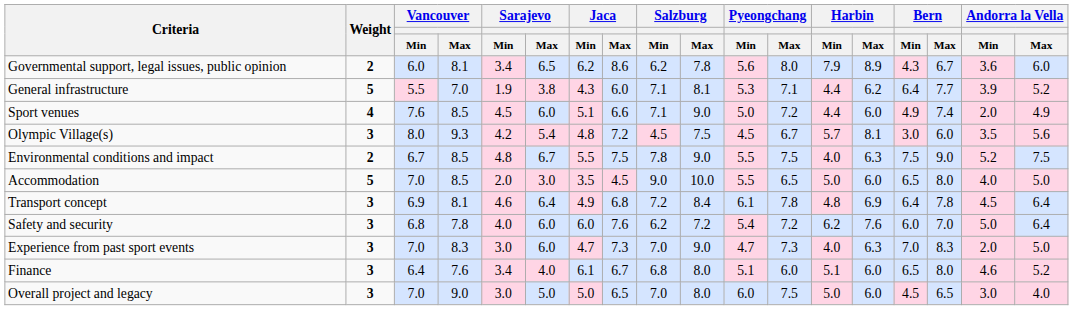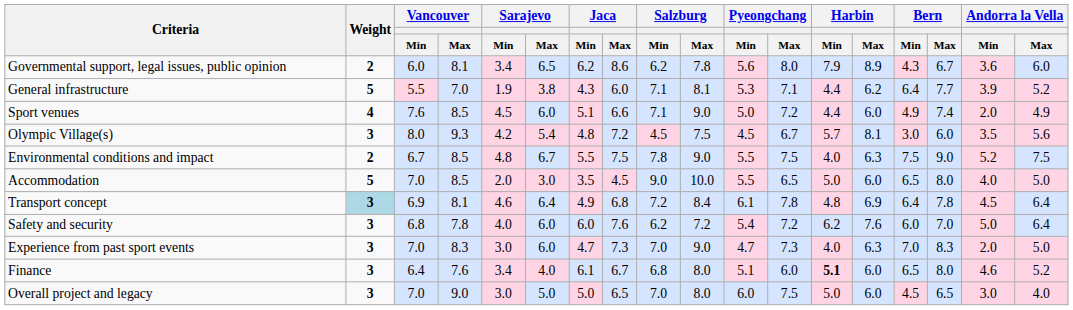 <table class="wikitable" style="margin:1em auto; width: 1120px; text-align:center; font-size:90%">
 <tr>
 <th rowspan="3">Criteria</th>
 <th width="30px" rowspan="3">Weight</th>
 <th width="85px" colspan="2" valign="bottom"><a href='#'>Vancouver</a></th>
 <th width="85px" colspan="2" valign="bottom"><a href='#'>Sarajevo</a></th>
 <th width="65px" colspan="2" valign="bottom"><a href='#'>Jaca</a></th>
 <th width="85px" colspan="2" valign="bottom"><a href='#'>Salzburg</a></th>
 <th width="85px" colspan="2" valign="bottom"><a href='#'>Pyeongchang</a></th>
 <th width="80px" colspan="2" valign="bottom"><a href='#'>Harbin</a></th>
 <th width="65px" colspan="2" valign="bottom"><a href='#'>Bern</a></th>
 <th width="105px" colspan="2" valign="bottom"><a href='#'>Andorra la Vella</a></th>
 </tr>
 <tr>
 <th colspan="2"></th>
 <th colspan="2"></th>
 <th colspan="2"></th>
 <th colspan="2"></th>
 <th colspan="2"></th>
 <th colspan="2"></th>
 <th colspan="2"></th>
 <th colspan="2"></th>
 </tr>
 <tr>
 <th width="25px"><small>Min</small></th>
 <th width="25px"><small>Max</small></th>
 <th width="25px"><small>Min</small></th>
 <th width="25px"><small>Max</small></th>
 <th width="25px"><small>Min</small></th>
 <th width="25px"><small>Max</small></th>
 <th width="25px"><small>Min</small></th>
 <th width="25px"><small>Max</small></th>
 <th width="25px"><small>Min</small></th>
 <th width="25px"><small>Max</small></th>
 <th width="25px"><small>Min</small></th>
 <th width="25px"><small>Max</small></th>
 <th width="25px"><small>Min</small></th>
 <th width="25px"><small>Max</small></th>
 <th width="25px"><small>Min</small></th>
 <th width="25px"><small>Max</small></th>
 </tr>
 <tr>
 <td align="left">Governmental support, legal issues, public opinion</td>
 <td><strong>2</strong></td>
 <td style="background: #d5e5ff">6.0</td>
 <td style="background: #d5e5ff">8.1</td>
 <td style="background: #ffd5e5">3.4</td>
 <td style="background: #d5e5ff">6.5</td>
 <td style="background: #d5e5ff">6.2</td>
 <td style="background: #d5e5ff">8.6</td>
 <td style="background: #d5e5ff">6.2</td>
 <td style="background: #d5e5ff">7.8</td>
 <td style="background: #ffd5e5">5.6</td>
 <td style="background: #d5e5ff">8.0</td>
 <td style="background: #d5e5ff">7.9</td>
 <td style="background: #d5e5ff">8.9</td>
 <td style="background: #ffd5e5">4.3</td>
 <td style="background: #d5e5ff">6.7</td>
 <td style="background: #ffd5e5">3.6</td>
 <td style="background: #d5e5ff">6.0</td>
 </tr>
 <tr>
 <td align="left">General infrastructure</td>
 <td><strong>5</strong></td>
 <td style="background: #ffd5e5">5.5</td>
 <td style="background: #d5e5ff">7.0</td>
 <td style="background: #ffd5e5">1.9</td>
 <td style="background: #ffd5e5">3.8</td>
 <td style="background: #ffd5e5">4.3</td>
 <td style="background: #d5e5ff">6.0</td>
 <td style="background: #d5e5ff">7.1</td>
 <td style="background: #d5e5ff">8.1</td>
 <td style="background: #ffd5e5">5.3</td>
 <td style="background: #d5e5ff">7.1</td>
 <td style="background: #ffd5e5">4.4</td>
 <td style="background: #d5e5ff">6.2</td>
 <td style="background: #d5e5ff">6.4</td>
 <td style="background: #d5e5ff">7.7</td>
 <td style="background: #ffd5e5">3.9</td>
 <td style="background: #ffd5e5">5.2</td>
 </tr>
 <tr>
 <td align="left">Sport venues</td>
 <td><strong>4</strong></td>
 <td style="background: #d5e5ff">7.6</td>
 <td style="background: #d5e5ff">8.5</td>
 <td style="background: #ffd5e5">4.5</td>
 <td style="background: #d5e5ff">6.0</td>
 <td style="background: #ffd5e5">5.1</td>
 <td style="background: #d5e5ff">6.6</td>
 <td style="background: #d5e5ff">7.1</td>
 <td style="background: #d5e5ff">9.0</td>
 <td style="background: #ffd5e5">5.0</td>
 <td style="background: #d5e5ff">7.2</td>
 <td style="background: #ffd5e5">4.4</td>
 <td style="background: #d5e5ff">6.0</td>
 <td style="background: #ffd5e5">4.9</td>
 <td style="background: #d5e5ff">7.4</td>
 <td style="background: #ffd5e5">2.0</td>
 <td style="background: #ffd5e5">4.9</td>
 </tr>
 <tr>
 <td align="left">Olympic Village(s)</td>
 <td><strong>3</strong></td>
 <td style="background: #d5e5ff">8.0</td>
 <td style="background: #d5e5ff">9.3</td>
 <td style="background: #ffd5e5">4.2</td>
 <td style="background: #ffd5e5">5.4</td>
 <td style="background: #ffd5e5">4.8</td>
 <td style="background: #d5e5ff">7.2</td>
 <td style="background: #ffd5e5">4.5</td>
 <td style="background: #d5e5ff">7.5</td>
 <td style="background: #ffd5e5">4.5</td>
 <td style="background: #d5e5ff">6.7</td>
 <td style="background: #ffd5e5">5.7</td>
 <td style="background: #d5e5ff">8.1</td>
 <td style="background: #ffd5e5">3.0</td>
 <td style="background: #d5e5ff">6.0</td>
 <td style="background: #ffd5e5">3.5</td>
 <td style="background: #ffd5e5">5.6</td>
 </tr>
 <tr>
 <td align="left">Environmental conditions and impact</td>
 <td><strong>2</strong></td>
 <td style="background: #d5e5ff">6.7</td>
 <td style="background: #d5e5ff">8.5</td>
 <td style="background: #ffd5e5">4.8</td>
 <td style="background: #d5e5ff">6.7</td>
 <td style="background: #ffd5e5">5.5</td>
 <td style="background: #d5e5ff">7.5</td>
 <td style="background: #d5e5ff">7.8</td>
 <td style="background: #d5e5ff">9.0</td>
 <td style="background: #ffd5e5">5.5</td>
 <td style="background: #d5e5ff">7.5</td>
 <td style="background: #ffd5e5">4.0</td>
 <td style="background: #d5e5ff">6.3</td>
 <td style="background: #d5e5ff">7.5</td>
 <td style="background: #d5e5ff">9.0</td>
 <td style="background: #ffd5e5">5.2</td>
 <td style="background: #d5e5ff">7.5</td>
 </tr>
 <tr>
 <td align="left">Accommodation</td>
 <td><strong>5</strong></td>
 <td style="background: #d5e5ff">7.0</td>
 <td style="background: #d5e5ff">8.5</td>
 <td style="background: #ffd5e5">2.0</td>
 <td style="background: #ffd5e5">3.0</td>
 <td style="background: #ffd5e5">3.5</td>
 <td style="background: #ffd5e5">4.5</td>
 <td style="background: #d5e5ff">9.0</td>
 <td style="background: #d5e5ff">10.0</td>
 <td style="background: #ffd5e5">5.5</td>
 <td style="background: #d5e5ff">6.5</td>
 <td style="background: #ffd5e5">5.0</td>
 <td style="background: #d5e5ff">6.0</td>
 <td style="background: #d5e5ff">6.5</td>
 <td style="background: #d5e5ff">8.0</td>
 <td style="background: #ffd5e5">4.0</td>
 <td style="background: #ffd5e5">5.0</td>
 </tr>
 <tr>
 <td align="left">Transport concept</td>
-<td><strong>3</strong></td>
+<td style="background: lightblue;"><strong>3</strong></td>
 <td style="background: #d5e5ff">6.9</td>
 <td style="background: #d5e5ff">8.1</td>
 <td style="background: #ffd5e5">4.6</td>
 <td style="background: #d5e5ff">6.4</td>
 <td style="background: #ffd5e5">4.9</td>
 <td style="background: #d5e5ff">6.8</td>
 <td style="background: #d5e5ff">7.2</td>
 <td style="background: #d5e5ff">8.4</td>
 <td style="background: #d5e5ff">6.1</td>
 <td style="background: #d5e5ff">7.8</td>
 <td style="background: #ffd5e5">4.8</td>
 <td style="background: #d5e5ff">6.9</td>
 <td style="background: #d5e5ff">6.4</td>
 <td style="background: #d5e5ff">7.8</td>
 <td style="background: #ffd5e5">4.5</td>
 <td style="background: #d5e5ff">6.4</td>
 </tr>
 <tr>
 <td align="left">Safety and security</td>
 <td><strong>3</strong></td>
 <td style="background: #d5e5ff">6.8</td>
 <td style="background: #d5e5ff">7.8</td>
 <td style="background: #ffd5e5">4.0</td>
 <td style="background: #d5e5ff">6.0</td>
 <td style="background: #d5e5ff">6.0</td>
 <td style="background: #d5e5ff">7.6</td>
 <td style="background: #d5e5ff">6.2</td>
 <td style="background: #d5e5ff">7.2</td>
 <td style="background: #ffd5e5">5.4</td>
 <td style="background: #d5e5ff">7.2</td>
 <td style="background: #d5e5ff">6.2</td>
 <td style="background: #d5e5ff">7.6</td>
 <td style="background: #d5e5ff">6.0</td>
 <td style="background: #d5e5ff">7.0</td>
 <td style="background: #ffd5e5">5.0</td>
 <td style="background: #d5e5ff">6.4</td>
 </tr>
 <tr>
 <td align="left">Experience from past sport events</td>
 <td><strong>3</strong></td>
 <td style="background: #d5e5ff">7.0</td>
 <td style="background: #d5e5ff">8.3</td>
 <td style="background: #ffd5e5">3.0</td>
 <td style="background: #d5e5ff">6.0</td>
 <td style="background: #ffd5e5">4.7</td>
 <td style="background: #d5e5ff">7.3</td>
 <td style="background: #d5e5ff">7.0</td>
 <td style="background: #d5e5ff">9.0</td>
 <td style="background: #ffd5e5">4.7</td>
 <td style="background: #d5e5ff">7.3</td>
 <td style="background: #ffd5e5">4.0</td>
 <td style="background: #d5e5ff">6.3</td>
 <td style="background: #d5e5ff">7.0</td>
 <td style="background: #d5e5ff">8.3</td>
 <td style="background: #ffd5e5">2.0</td>
 <td style="background: #ffd5e5">5.0</td>
 </tr>
 <tr>
 <td align="left">Finance</td>
 <td><strong>3</strong></td>
 <td style="background: #d5e5ff">6.4</td>
 <td style="background: #d5e5ff">7.6</td>
 <td style="background: #ffd5e5">3.4</td>
 <td style="background: #ffd5e5">4.0</td>
 <td style="background: #d5e5ff">6.1</td>
 <td style="background: #d5e5ff">6.7</td>
 <td style="background: #d5e5ff">6.8</td>
 <td style="background: #d5e5ff">8.0</td>
 <td style="background: #ffd5e5">5.1</td>
 <td style="background: #d5e5ff">6.0</td>
-<td style="background: #ffd5e5">5.1</td>
+<td style="background: #ffd5e5"><strong>5.1</strong></td>
 <td style="background: #d5e5ff">6.0</td>
 <td style="background: #d5e5ff">6.5</td>
 <td style="background: #d5e5ff">8.0</td>
 <td style="background: #ffd5e5">4.6</td>
 <td style="background: #ffd5e5">5.2</td>
 </tr>
 <tr>
 <td align="left">Overall project and legacy</td>
 <td><strong>3</strong></td>
 <td style="background: #d5e5ff">7.0</td>
 <td style="background: #d5e5ff">9.0</td>
 <td style="background: #ffd5e5">3.0</td>
 <td style="background: #d5e5ff">5.0</td>
 <td style="background: #ffd5e5">5.0</td>
 <td style="background: #d5e5ff">6.5</td>
 <td style="background: #d5e5ff">7.0</td>
 <td style="background: #d5e5ff">8.0</td>
 <td style="background: #d5e5ff">6.0</td>
 <td style="background: #d5e5ff">7.5</td>
 <td style="background: #ffd5e5">5.0</td>
 <td style="background: #d5e5ff">6.0</td>
 <td style="background: #ffd5e5">4.5</td>
 <td style="background: #d5e5ff">6.5</td>
 <td style="background: #ffd5e5">3.0</td>
 <td style="background: #ffd5e5">4.0</td>
 </tr>
 </table>
